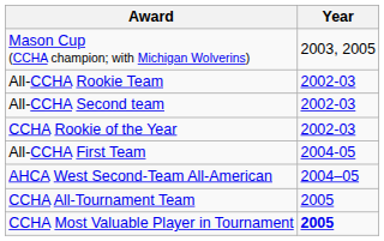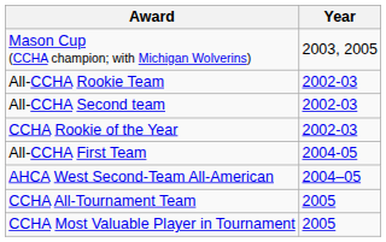 <table class="wikitable" border="1">
 <tr>
 <th>Award</th>
 <th>Year</th>
 </tr>
 <tr>
 <td><a href='#'>Mason Cup</a> <br><small>(<a href='#'>CCHA</a> champion; with <a href='#'>Michigan Wolverins</a>)</small></td>
 <td>2003, 2005</td>
 </tr>
 <tr>
 <td>All-<a href='#'>CCHA</a> <a href='#'>Rookie Team</a></td>
 <td><a href='#'>2002-03</a></td>
 </tr>
 <tr>
 <td>All-<a href='#'>CCHA</a> <a href='#'>Second team</a></td>
 <td><a href='#'>2002-03</a></td>
 </tr>
 <tr>
 <td><a href='#'>CCHA</a> <a href='#'>Rookie of the Year</a></td>
 <td><a href='#'>2002-03</a></td>
 </tr>
 <tr>
 <td>All-<a href='#'>CCHA</a> <a href='#'>First Team</a></td>
 <td><a href='#'>2004-05</a></td>
 </tr>
 <tr>
 <td><a href='#'>AHCA</a> <a href='#'>West Second-Team All-American</a></td>
 <td><a href='#'>2004–05</a></td>
 </tr>
 <tr>
 <td><a href='#'>CCHA</a> <a href='#'>All-Tournament Team</a></td>
 <td><a href='#'>2005</a></td>
 </tr>
 <tr>
 <td><a href='#'>CCHA</a> <a href='#'>Most Valuable Player in Tournament</a></td>
-<td><strong><a href='#'>2005</a></strong></td>
+<td><a href='#'>2005</a></td>
 </tr>
 </table>
